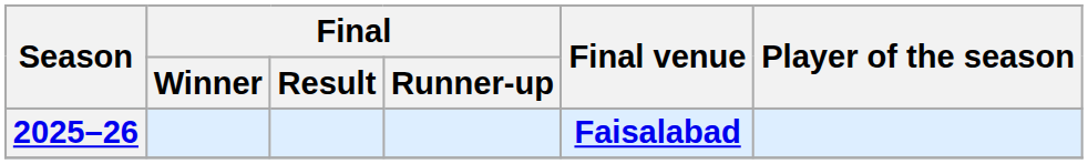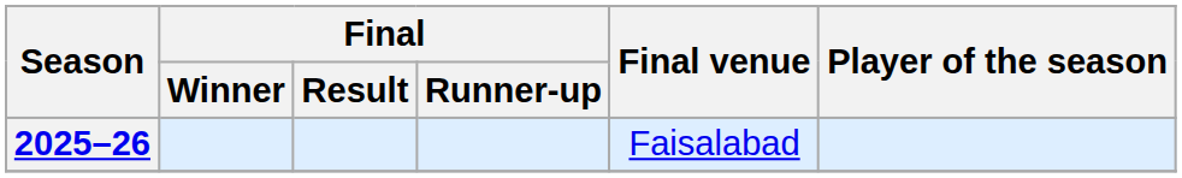 <table class="wikitable sortable" style="font-size:90%; text-align: center;">
 <tr>
 <th rowspan="2">Season</th>
 <th colspan="3">Final</th>
 <th rowspan="2">Final venue</th>
 <th rowspan="2">Player of the season</th>
 </tr>
 <tr>
 <th>Winner</th>
 <th>Result</th>
 <th>Runner-up</th>
 </tr>
 <tr style="background:#ddeeff">
 <th><a href='#'>2025–26</a></th>
 <td></td>
 <td></td>
 <td></td>
-<td><strong><a href='#'>Faisalabad</a></strong></td>
+<td><a href='#'>Faisalabad</a></td>
 <td></td>
 </tr>
 <tr>
 </tr>
 </table>
